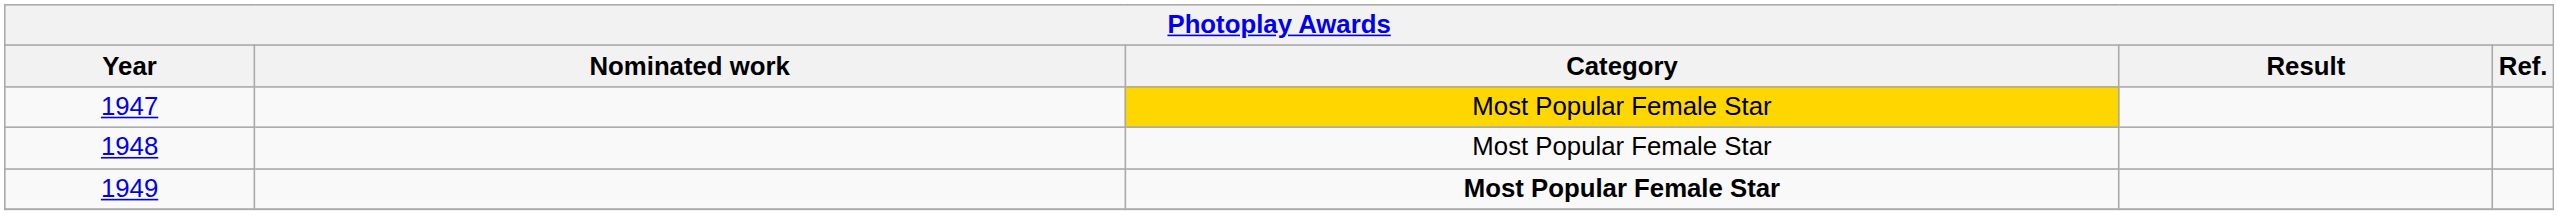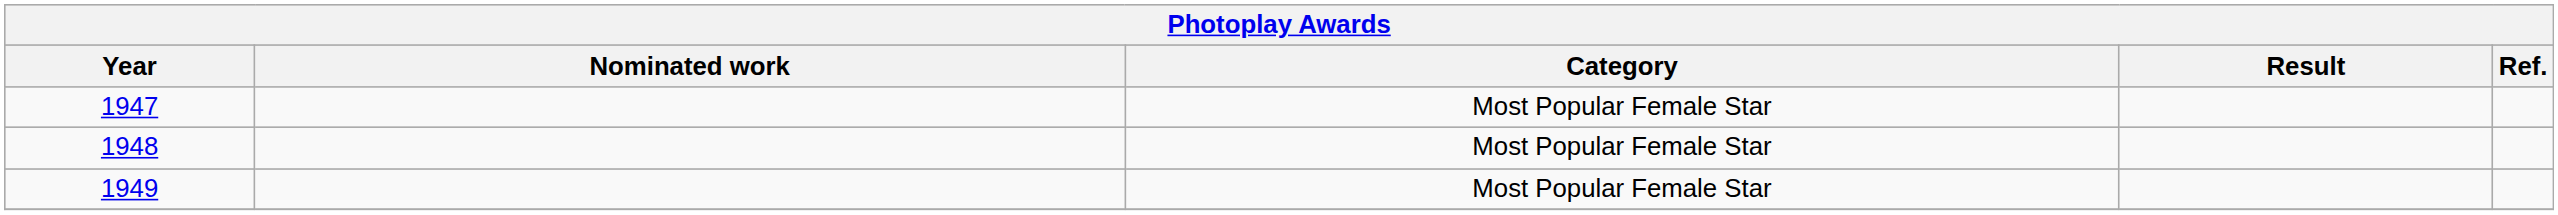 <table width="100%" class="wikitable">
 <tr>
 <th colspan="5" align="center"><a href='#'>Photoplay Awards</a></th>
 </tr>
 <tr>
 <th width="10%">Year</th>
 <th width="35%">Nominated work</th>
 <th width="40%">Category</th>
 <th width="15%">Result</th>
 <th>Ref.</th>
 </tr>
 <tr>
 <td style="text-align:center;"><a href='#'>1947</a></td>
 <td></td>
-<td style="background: gold; text-align:center;">Most Popular Female Star</td>
+<td style="text-align:center;">Most Popular Female Star</td>
 <td></td>
 <td style="text-align:center"></td>
 </tr>
 <tr>
 <td style="text-align:center;"><a href='#'>1948</a></td>
 <td></td>
 <td style="text-align:center;">Most Popular Female Star</td>
 <td></td>
 <td style="text-align:center"></td>
 </tr>
 <tr>
 <td style="text-align:center;"><a href='#'>1949</a></td>
 <td></td>
-<td style="text-align:center;"><strong>Most Popular Female Star</strong></td>
+<td style="text-align:center;">Most Popular Female Star</td>
 <td></td>
 <td style="text-align:center"></td>
 </tr>
 <tr>
 </tr>
 </table>
